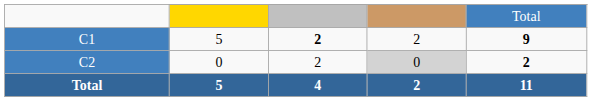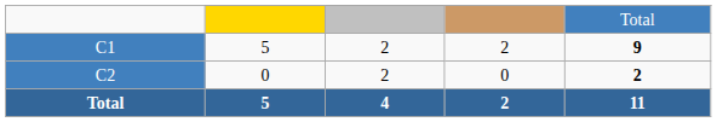 <table class="wikitable"  style="font-size:95%; text-align:center; border:gray solid 1px; width:40%;">
 <tr>
 <td rowspan="2" style="width:3%;"></td>
 </tr>
 <tr>
 <td style="width:2%;" bgcolor=gold></td>
 <td style="width:2%;" bgcolor=silver></td>
 <td style="width:2%;" bgcolor=cc9966></td>
 <td style="width:2%; background-color:#4180be; color:white;">Total</td>
 </tr>
 <tr>
 <td style="background-color:#4180be; color:white;">C1</td>
 <td>5</td>
-<td><strong>2</strong></td>
+<td>2</td>
 <td>2</td>
 <td><strong>9</strong></td>
 </tr>
 <tr>
 <td style="background-color:#4180be; color:white;">C2</td>
 <td>0</td>
 <td>2</td>
-<td style="background: lightgrey;">0</td>
+<td>0</td>
 <td><strong>2</strong></td>
 </tr>
 <tr style="background:#369; color:white;">
 <td><strong>Total</strong></td>
 <td><strong>5</strong></td>
 <td><strong>4</strong></td>
 <td><strong>2</strong></td>
 <td><strong>11</strong></td>
 </tr>
 </table>
